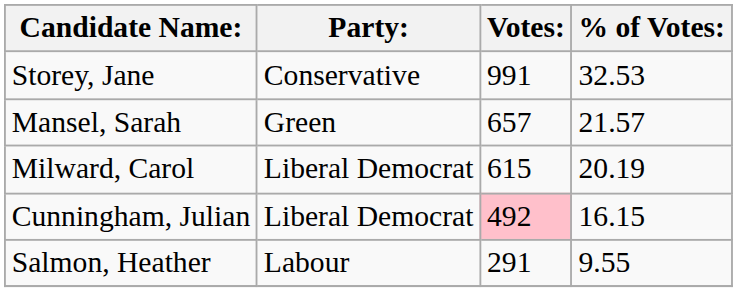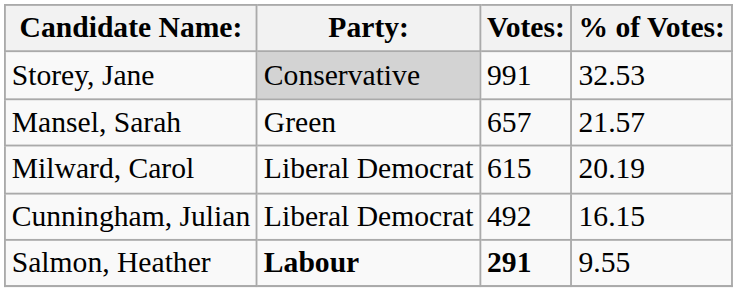 <table class="wikitable">
 <tr>
 <th>Candidate Name:</th>
 <th>Party:</th>
 <th>Votes:</th>
 <th>% of Votes:</th>
 </tr>
 <tr>
 <td>Storey, Jane</td>
-<td>Conservative</td>
+<td style="background: lightgrey;">Conservative</td>
 <td>991</td>
 <td>32.53</td>
 </tr>
 <tr>
 <td>Mansel, Sarah</td>
 <td>Green</td>
 <td>657</td>
 <td>21.57</td>
 </tr>
 <tr>
 <td>Milward, Carol</td>
 <td>Liberal Democrat</td>
 <td>615</td>
 <td>20.19</td>
 </tr>
 <tr>
 <td>Cunningham, Julian</td>
 <td>Liberal Democrat</td>
-<td style="background: pink;">492</td>
+<td>492</td>
 <td>16.15</td>
 </tr>
 <tr>
 <td>Salmon, Heather</td>
-<td>Labour</td>
-<td>291</td>
+<td><strong>Labour</strong></td>
+<td><strong>291</strong></td>
 <td>9.55</td>
 </tr>
 <tr>
 </tr>
 </table>
